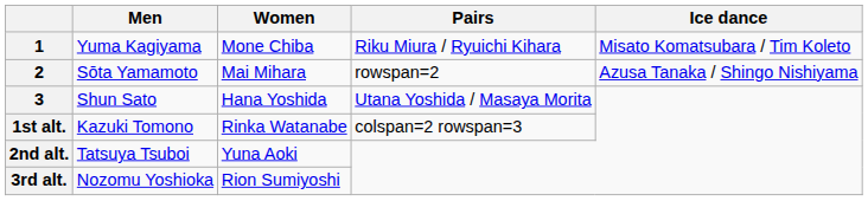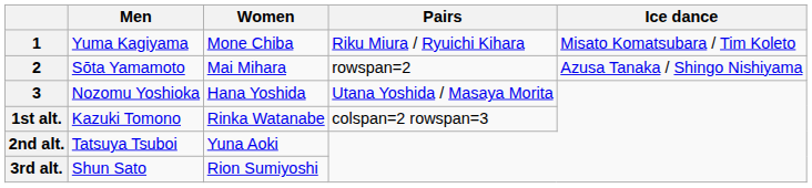 <table class="wikitable">
 <tr>
 <th></th>
 <th>Men</th>
 <th>Women</th>
 <th>Pairs</th>
 <th>Ice dance</th>
 </tr>
 <tr>
 <th>1</th>
 <td><a href='#'>Yuma Kagiyama</a></td>
 <td><a href='#'>Mone Chiba</a></td>
 <td><a href='#'>Riku Miura</a> / <a href='#'>Ryuichi Kihara</a></td>
 <td><a href='#'>Misato Komatsubara</a> / <a href='#'>Tim Koleto</a></td>
 </tr>
 <tr>
 <th>2</th>
 <td><a href='#'>Sōta Yamamoto</a></td>
 <td><a href='#'>Mai Mihara</a></td>
 <td>rowspan=2 </td>
 <td><a href='#'>Azusa Tanaka</a> / <a href='#'>Shingo Nishiyama</a></td>
 </tr>
 <tr>
 <th>3</th>
-<td><a href='#'>Shun Sato</a></td>
+<td><a href='#'>Nozomu Yoshioka</a></td>
 <td><a href='#'>Hana Yoshida</a></td>
 <td><a href='#'>Utana Yoshida</a> / <a href='#'>Masaya Morita</a></td>
 </tr>
 <tr>
 <th>1st alt.</th>
 <td><a href='#'>Kazuki Tomono</a></td>
 <td><a href='#'>Rinka Watanabe</a></td>
 <td>colspan=2 rowspan=3 </td>
 </tr>
 <tr>
 <th>2nd alt.</th>
 <td><a href='#'>Tatsuya Tsuboi</a></td>
 <td><a href='#'>Yuna Aoki</a></td>
 </tr>
 <tr>
 <th>3rd alt.</th>
-<td><a href='#'>Nozomu Yoshioka</a></td>
+<td><a href='#'>Shun Sato</a></td>
 <td><a href='#'>Rion Sumiyoshi</a></td>
 </tr>
 </table>
